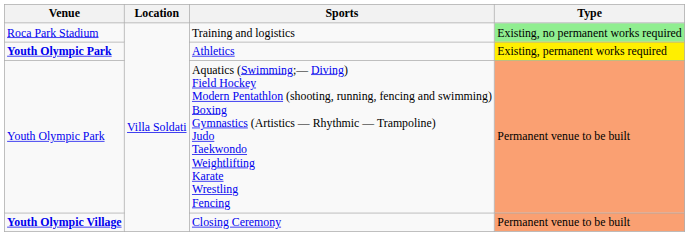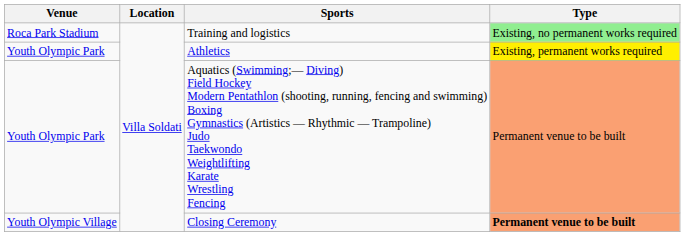 <table class="wikitable sortable">
 <tr>
 <th>Venue</th>
 <th>Location</th>
 <th>Sports</th>
 <th>Type</th>
 </tr>
 <tr>
 <td><a href='#'>Roca Park Stadium</a></td>
 <td rowspan=4><a href='#'>Villa Soldati</a></td>
 <td>Training and logistics</td>
 <td style="background:#90ee90;">Existing, no permanent works required</td>
 </tr>
 <tr>
-<td><strong><a href='#'>Youth Olympic Park</a></strong></td>
+<td><a href='#'>Youth Olympic Park</a></td>
 <td><a href='#'>Athletics</a></td>
 <td style="background:#ffef00;">Existing, permanent works required</td>
 </tr>
 <tr>
 <td><a href='#'>Youth Olympic Park</a></td>
 <td>Aquatics (<a href='#'>Swimming</a>;— <a href='#'>Diving</a>)<br><a href='#'>Field Hockey</a><br><a href='#'>Modern Pentathlon</a> (shooting, running, fencing and swimming)<br><a href='#'>Boxing</a><br><a href='#'>Gymnastics</a> (Artistics — Rhythmic — Trampoline)<br><a href='#'>Judo</a><br><a href='#'>Taekwondo</a><br><a href='#'>Weightlifting</a><br><a href='#'>Karate</a><br><a href='#'>Wrestling</a><br><a href='#'>Fencing</a><br></td>
 <td style="background:#faa072;">Permanent venue to be built</td>
 </tr>
 <tr>
-<td><strong><a href='#'>Youth Olympic Village</a></strong></td>
+<td><a href='#'>Youth Olympic Village</a></td>
 <td><a href='#'>Closing Ceremony</a></td>
-<td style="background:#faa072;">Permanent venue to be built</td>
+<td style="background:#faa072;"><strong>Permanent venue to be built</strong></td>
 </tr>
 </table>
